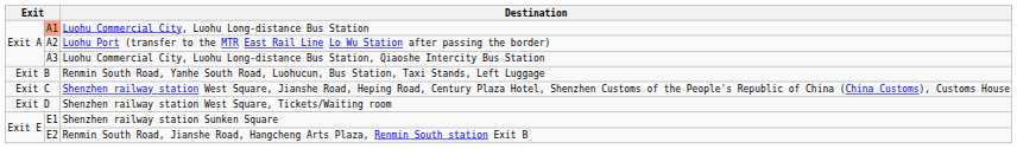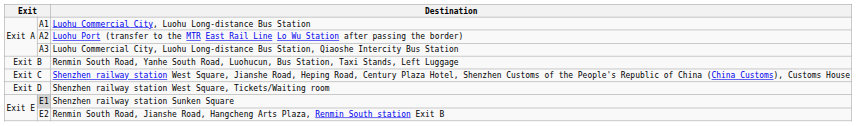 <table class="wikitable">
 <tr>
 <th style="width:70px" colspan="2">Exit</th>
 <th>Destination</th>
 </tr>
 <tr>
 <td rowspan="3" style="text-align:center;">Exit A</td>
-<td style="background: lightsalmon;">A1</td>
+<td>A1</td>
 <td><a href='#'>Luohu Commercial City</a>, Luohu Long-distance Bus Station</td>
 </tr>
 <tr>
 <td>A2</td>
 <td><a href='#'>Luohu Port</a> (transfer to the <a href='#'>MTR</a> <a href='#'>East Rail Line</a>  <a href='#'>Lo Wu Station</a> after passing the border)</td>
 </tr>
 <tr>
 <td>A3</td>
 <td>Luohu Commercial City, Luohu Long-distance Bus Station, Qiaoshe Intercity Bus Station</td>
 </tr>
 <tr>
 <td style="text-align:center;" colspan="2">Exit B</td>
 <td>Renmin South Road, Yanhe South Road, Luohucun, Bus Station, Taxi Stands, Left Luggage</td>
 </tr>
 <tr>
 <td style="text-align:center;" colspan="2">Exit C</td>
 <td><a href='#'>Shenzhen railway station</a> West Square, Jianshe Road, Heping Road, Century Plaza Hotel, Shenzhen Customs of the People's Republic of China (<a href='#'>China Customs</a>), Customs House</td>
 </tr>
 <tr>
 <td style="text-align:center;" colspan="2">Exit D</td>
 <td>Shenzhen railway station West Square, Tickets/Waiting room</td>
 </tr>
 <tr>
 <td rowspan="3" style="text-align:center;">Exit E</td>
-<td>E1</td>
+<td style="background: lightgrey;">E1</td>
 <td>Shenzhen railway station Sunken Square</td>
 </tr>
 <tr>
 <td>E2</td>
 <td>Renmin South Road, Jianshe Road, Hangcheng Arts Plaza, <a href='#'>Renmin South station</a> Exit B</td>
 </tr>
 </table>
